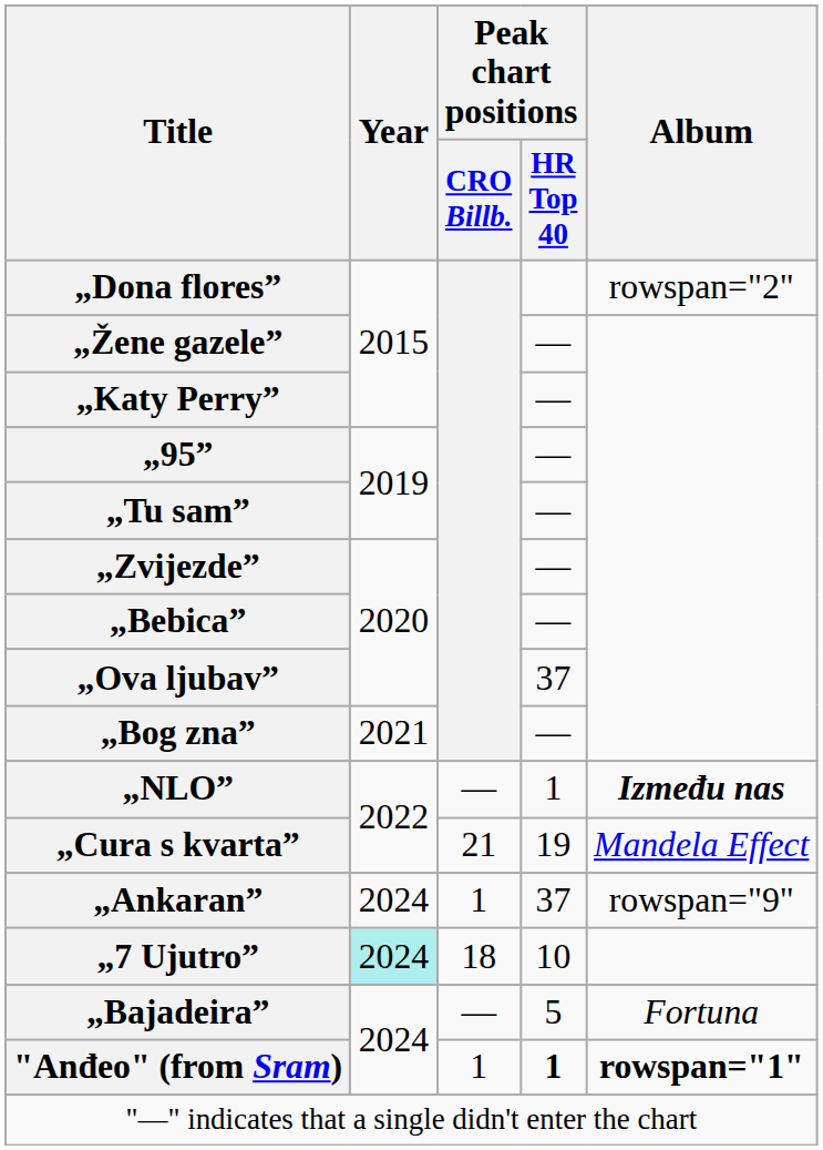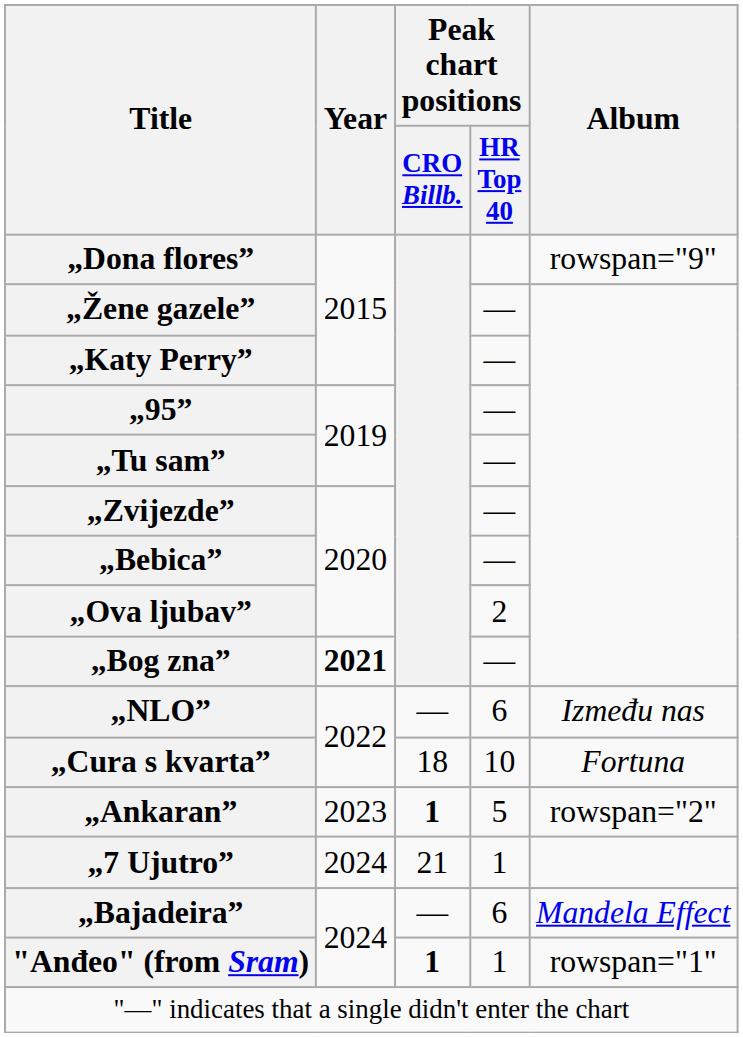 <table class="wikitable plainrowheaders" style="text-align:center;">
 <tr>
 <th rowspan="2" scope="col">Title</th>
 <th rowspan="2" scope="col">Year</th>
 <th colspan="2" scope="col">Peak<br>chart positions</th>
 <th rowspan="2" scope="col">Album</th>
 </tr>
 <tr>
 <th style="width:1em; font-size:85%"><a href='#'>CRO<br><em>Billb.</em></a><br></th>
 <th style="width:1em; font-size:85%"><a href='#'>HR Top 40</a><br></th>
 </tr>
 <tr>
 <th scope="row">„Dona flores” </th>
 <td rowspan="3">2015</td>
 <th scope rowspan="9"></th>
 <td></td>
-<td>rowspan="2" </td>
+<td>rowspan="9" </td>
 </tr>
 <tr>
 <th scope="row">„Žene gazele”<br></th>
 <td>—</td>
 </tr>
 <tr>
 <th scope="row">„Katy Perry”<br></th>
 <td>—</td>
 </tr>
 <tr>
 <th scope="row">„95” </th>
 <td rowspan="2">2019</td>
 <td>—</td>
 </tr>
 <tr>
 <th scope="row">„Tu sam” </th>
 <td>—</td>
 </tr>
 <tr>
 <th scope="row">„Zvijezde”<br></th>
 <td rowspan="3">2020</td>
 <td>—</td>
 </tr>
 <tr>
 <th scope="row">„Bebica”</th>
 <td>—</td>
 </tr>
 <tr>
 <th scope="row">„Ova ljubav”<br></th>
-<td>37</td>
+<td>2</td>
 </tr>
 <tr>
 <th scope="row">„Bog zna” </th>
-<td rowspan="1">2021</td>
+<td rowspan="1"><strong>2021</strong></td>
 <td>—</td>
 </tr>
 <tr>
 <th scope="row">„NLO”<br></th>
 <td rowspan="2">2022</td>
 <td>—</td>
-<td>1</td>
-<td><strong><em>Između nas</em></strong></td>
+<td>6</td>
+<td><em>Između nas</em></td>
 </tr>
 <tr>
 <th scope="row">„Cura s kvarta”</th>
-<td>21</td>
-<td>19</td>
-<td><em><a href='#'>Mandela Effect</a></em></td>
+<td>18</td>
+<td>10</td>
+<td><em>Fortuna</em></td>
 </tr>
 <tr>
 <th scope="row">„Ankaran” </th>
-<td rowspan="1">2024</td>
-<td>1</td>
-<td>37</td>
-<td>rowspan="9" </td>
+<td rowspan="1">2023</td>
+<td><strong>1</strong></td>
+<td>5</td>
+<td>rowspan="2" </td>
 </tr>
 <tr>
 <th scope="row">„7 Ujutro”</th>
-<td style="background: paleturquoise;">2024</td>
-<td>18</td>
-<td>10</td>
+<td>2024</td>
+<td>21</td>
+<td>1</td>
 </tr>
 <tr>
 <th scope="row">„Bajadeira” </th>
 <td rowspan="2">2024</td>
 <td>—</td>
-<td>5</td>
-<td><em>Fortuna</em></td>
+<td>6</td>
+<td><em><a href='#'>Mandela Effect</a></em></td>
 </tr>
 <tr>
 <th scope="row">"Anđeo" (from <em><a href='#'>Sram</a></em>)<br></th>
+<td><strong>1</strong></td>
 <td>1</td>
-<td><strong>1</strong></td>
-<td><strong>rowspan="1" </strong></td>
+<td>rowspan="1" </td>
 </tr>
 <tr>
 <td colspan="20" style="text-align:center; font-size:85%;">"—" indicates that a single didn't enter the chart</td>
 </tr>
 </table>
